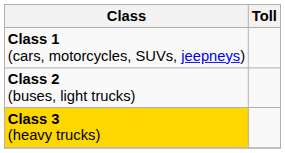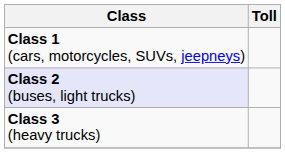 <table class="wikitable">
 <tr>
 <th>Class</th>
 <th>Toll</th>
 </tr>
 <tr>
 <td><strong>Class 1</strong><br>(cars, motorcycles, SUVs, <a href='#'>jeepneys</a>)</td>
 <td></td>
 </tr>
 <tr>
-<td><strong>Class 2</strong><br>(buses, light trucks)</td>
+<td style="background: lavender;"><strong>Class 2</strong><br>(buses, light trucks)</td>
 <td></td>
 </tr>
 <tr>
-<td style="background: gold;"><strong>Class 3</strong><br>(heavy trucks)</td>
+<td><strong>Class 3</strong><br>(heavy trucks)</td>
 <td></td>
 </tr>
 <tr>
 </tr>
 </table>
